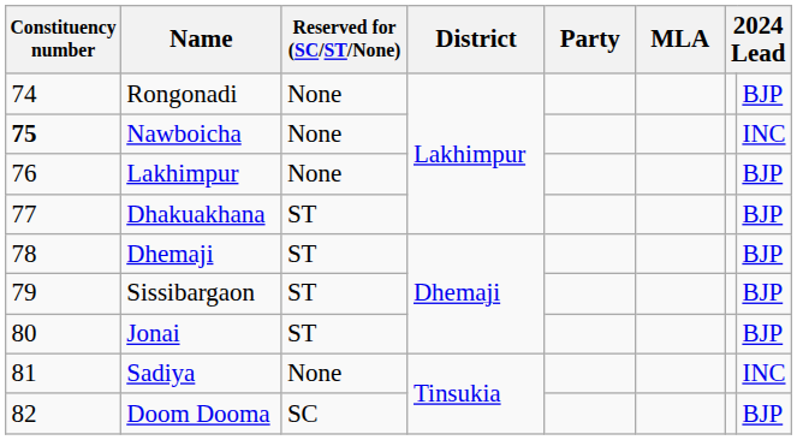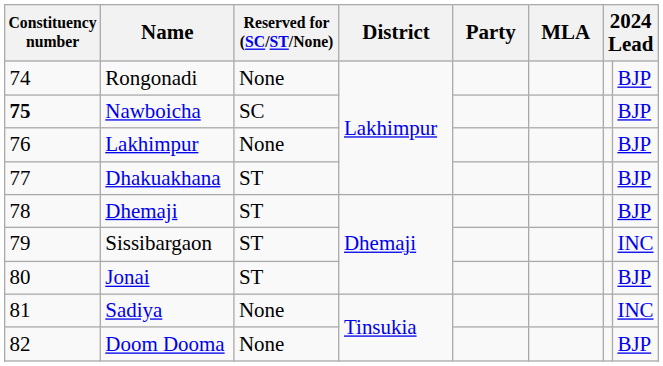 <table class="wikitable" width="500px">
 <tr>
 <th width="50px" style="font-size:75%">Constituency number</th>
 <th width="150px">Name</th>
 <th width="100px" style="font-size:75%">Reserved for (<a href='#'>SC</a>/<a href='#'>ST</a>/None)</th>
 <th width="150px">District</th>
 <th width="150px">Party</th>
 <th width="150px">MLA</th>
 <th colspan="2">2024 Lead</th>
 </tr>
 <tr>
 <td>74</td>
 <td>Rongonadi</td>
 <td>None</td>
 <td Rowspan=4><a href='#'>Lakhimpur</a></td>
 <td></td>
 <td></td>
 <td style="background-color: "></td>
 <td><a href='#'>BJP</a></td>
 </tr>
 <tr>
 <td><strong>75</strong></td>
 <td><a href='#'>Nawboicha</a></td>
-<td>None</td>
+<td>SC</td>
 <td></td>
 <td></td>
 <td style="background-color: "></td>
-<td><a href='#'>INC</a></td>
+<td><a href='#'>BJP</a></td>
 </tr>
 <tr>
 <td>76</td>
 <td><a href='#'>Lakhimpur</a></td>
 <td>None</td>
 <td></td>
 <td></td>
 <td style="background-color: "></td>
 <td><a href='#'>BJP</a></td>
 </tr>
 <tr>
 <td>77</td>
 <td><a href='#'>Dhakuakhana</a></td>
 <td>ST</td>
 <td></td>
 <td></td>
 <td style="background-color: "></td>
 <td><a href='#'>BJP</a></td>
 </tr>
 <tr>
 <td>78</td>
 <td><a href='#'>Dhemaji</a></td>
 <td>ST</td>
 <td Rowspan=3><a href='#'>Dhemaji</a></td>
 <td></td>
 <td></td>
 <td style="background-color: "></td>
 <td><a href='#'>BJP</a></td>
 </tr>
 <tr>
 <td>79</td>
 <td>Sissibargaon</td>
 <td>ST</td>
 <td></td>
 <td></td>
 <td style="background-color: "></td>
-<td><a href='#'>BJP</a></td>
+<td><a href='#'>INC</a></td>
 </tr>
 <tr>
 <td>80</td>
 <td><a href='#'>Jonai</a></td>
 <td>ST</td>
 <td></td>
 <td></td>
 <td style="background-color: "></td>
 <td><a href='#'>BJP</a></td>
 </tr>
 <tr>
 <td>81</td>
 <td><a href='#'>Sadiya</a></td>
 <td>None</td>
 <td Rowspan=2><a href='#'>Tinsukia</a></td>
 <td></td>
 <td></td>
 <td style="background-color: "></td>
 <td><a href='#'>INC</a></td>
 </tr>
 <tr>
 <td>82</td>
 <td><a href='#'>Doom Dooma</a></td>
-<td>SC</td>
+<td>None</td>
 <td></td>
 <td></td>
 <td style="background-color: "></td>
 <td><a href='#'>BJP</a></td>
 </tr>
 </table>
